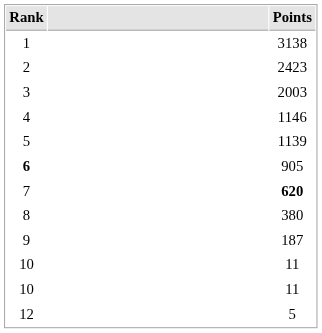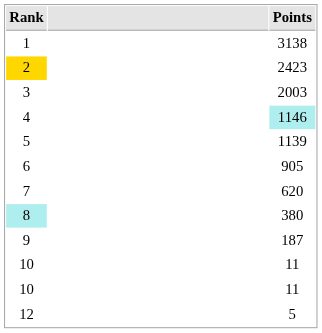 <table cellspacing="1" cellpadding="3" style="border:1px solid #AAAAAA;font-size:86%">
 <tr bgcolor="#E4E4E4">
 <th style="border-bottom:1px solid #AAAAAA" width=10>Rank</th>
 <th style="border-bottom:1px solid #AAAAAA" width=200></th>
 <th style="border-bottom:1px solid #AAAAAA" width=20>Points</th>
 </tr>
 <tr align="center">
 <td>1</td>
 <td align="left"></td>
 <td>3138</td>
 </tr>
 <tr align="center">
-<td>2</td>
+<td style="background: gold;">2</td>
 <td align="left"></td>
 <td>2423</td>
 </tr>
 <tr align="center">
 <td>3</td>
 <td align="left"></td>
 <td>2003</td>
 </tr>
 <tr align="center">
 <td>4</td>
 <td align="left"></td>
-<td>1146</td>
+<td style="background: paleturquoise;">1146</td>
 </tr>
 <tr align="center">
 <td>5</td>
 <td align="left"></td>
 <td>1139</td>
 </tr>
 <tr align="center">
-<td><strong>6</strong></td>
+<td>6</td>
 <td align="left"></td>
 <td>905</td>
 </tr>
 <tr align="center">
 <td>7</td>
 <td align="left"></td>
-<td><strong>620</strong></td>
+<td>620</td>
 </tr>
 <tr align="center">
-<td>8</td>
+<td style="background: paleturquoise;">8</td>
 <td align="left"></td>
 <td>380</td>
 </tr>
 <tr align="center">
 <td>9</td>
 <td align="left"></td>
 <td>187</td>
 </tr>
 <tr align="center">
 <td>10</td>
 <td align="left"></td>
 <td>11</td>
 </tr>
 <tr align="center">
 <td>10</td>
 <td align="left"></td>
 <td>11</td>
 </tr>
 <tr align="center">
 <td>12</td>
 <td align="left"></td>
 <td>5</td>
 </tr>
 </table>
